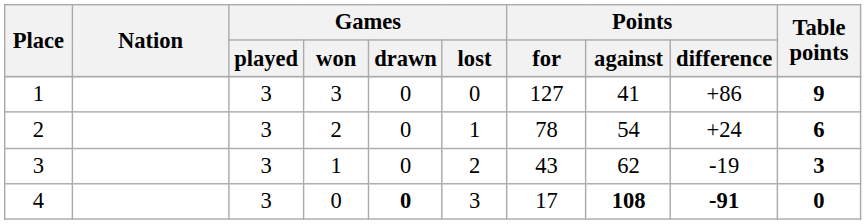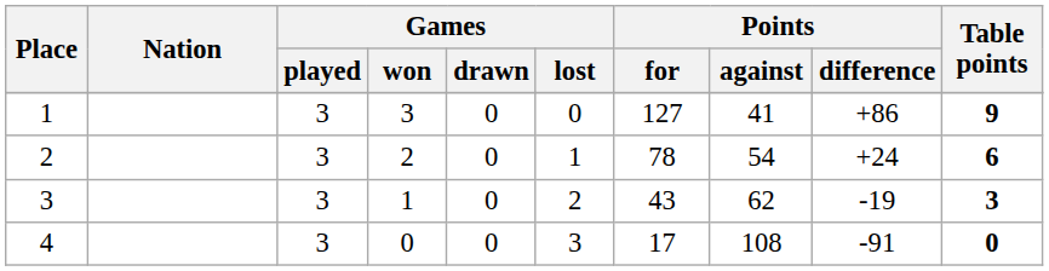 <table class="wikitable">
 <tr>
 <th rowspan=2 width="8%">Place</th>
 <th rowspan=2 width="20%">Nation</th>
 <th colspan=4 width="32%">Games</th>
 <th colspan=3 width="30%">Points</th>
 <th rowspan=2 width="10%">Table<br>points</th>
 </tr>
 <tr>
 <th width="8%">played</th>
 <th width="8%">won</th>
 <th width="8%">drawn</th>
 <th width="8%">lost</th>
 <th width="10%">for</th>
 <th width="10%">against</th>
 <th width="10%">difference</th>
 </tr>
 <tr>
 </tr>
 <tr bgcolor=#ffffff align=center>
 <td>1</td>
 <td align=left></td>
 <td>3</td>
 <td>3</td>
 <td>0</td>
 <td>0</td>
 <td>127</td>
 <td>41</td>
 <td>+86</td>
 <td><strong>9</strong></td>
 </tr>
 <tr bgcolor=#ffffff align=center>
 <td>2</td>
 <td align=left></td>
 <td>3</td>
 <td>2</td>
 <td>0</td>
 <td>1</td>
 <td>78</td>
 <td>54</td>
 <td>+24</td>
 <td><strong>6</strong></td>
 </tr>
 <tr bgcolor=#ffffff align=center>
 <td>3</td>
 <td align=left></td>
 <td>3</td>
 <td>1</td>
 <td>0</td>
 <td>2</td>
 <td>43</td>
 <td>62</td>
 <td>-19</td>
 <td><strong>3</strong></td>
 </tr>
 <tr bgcolor=#ffffff align=center>
 <td>4</td>
 <td align=left></td>
 <td>3</td>
 <td>0</td>
-<td><strong>0</strong></td>
+<td>0</td>
 <td>3</td>
 <td>17</td>
-<td><strong>108</strong></td>
-<td><strong>-91</strong></td>
+<td>108</td>
+<td>-91</td>
 <td><strong>0</strong></td>
 </tr>
 </table>
